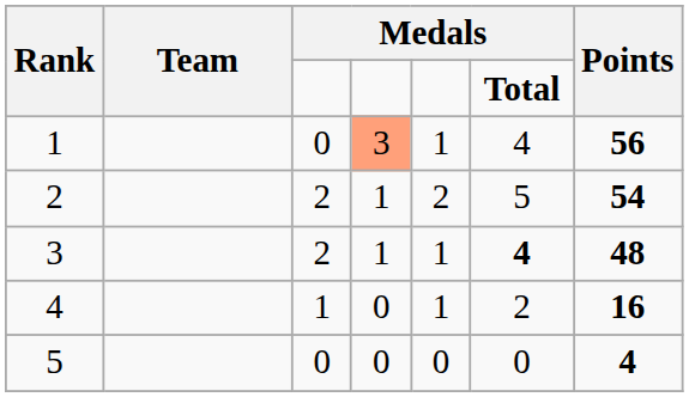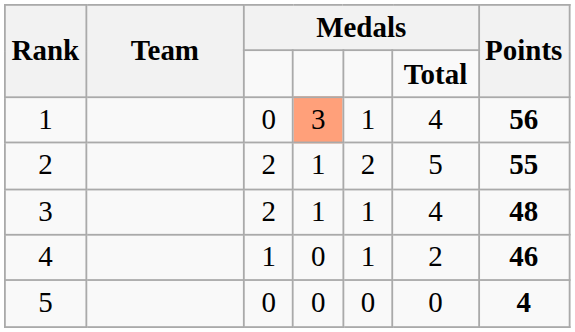 <table class="wikitable">
 <tr>
 <th rowspan=2>Rank</th>
 <th width=80px rowspan=2>Team</th>
 <th colspan=4>Medals</th>
 <th rowspan=2>Points</th>
 </tr>
 <tr>
 <td width=20px align=center></td>
 <td width=20px align=center></td>
 <td width=20px align=center></td>
 <td width=40px align=center><strong>Total</strong></td>
 </tr>
 <tr>
 <td align=center>1</td>
 <td><strong></strong></td>
 <td align=center>0</td>
 <td align=center style="background: lightsalmon;">3</td>
 <td align=center>1</td>
 <td align=center>4</td>
 <td align=center><strong>56</strong></td>
 </tr>
 <tr>
 <td align=center>2</td>
 <td></td>
 <td align=center>2</td>
 <td align=center>1</td>
 <td align=center>2</td>
 <td align=center>5</td>
-<td align=center><strong>54</strong></td>
+<td align=center><strong>55</strong></td>
 </tr>
 <tr>
 <td align=center>3</td>
 <td></td>
 <td align=center>2</td>
 <td align=center>1</td>
 <td align=center>1</td>
-<td align=center><strong>4</strong></td>
+<td align=center>4</td>
 <td align=center><strong>48</strong></td>
 </tr>
 <tr>
 <td align=center>4</td>
 <td></td>
 <td align=center>1</td>
 <td align=center>0</td>
 <td align=center>1</td>
 <td align=center>2</td>
-<td align=center><strong>16</strong></td>
+<td align=center><strong>46</strong></td>
 </tr>
 <tr>
 <td align=center>5</td>
 <td></td>
 <td align=center>0</td>
 <td align=center>0</td>
 <td align=center>0</td>
 <td align=center>0</td>
 <td align=center><strong>4</strong></td>
 </tr>
 </table>
